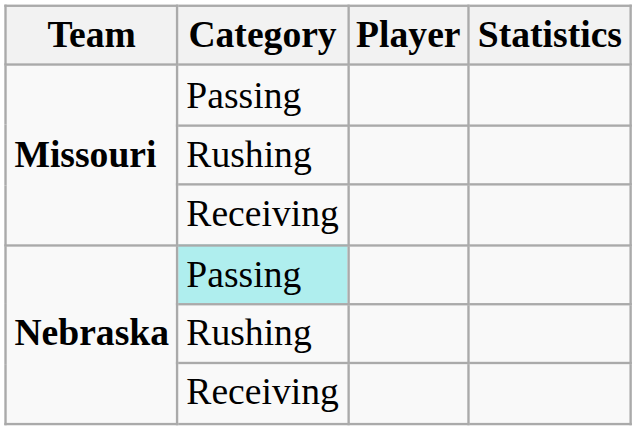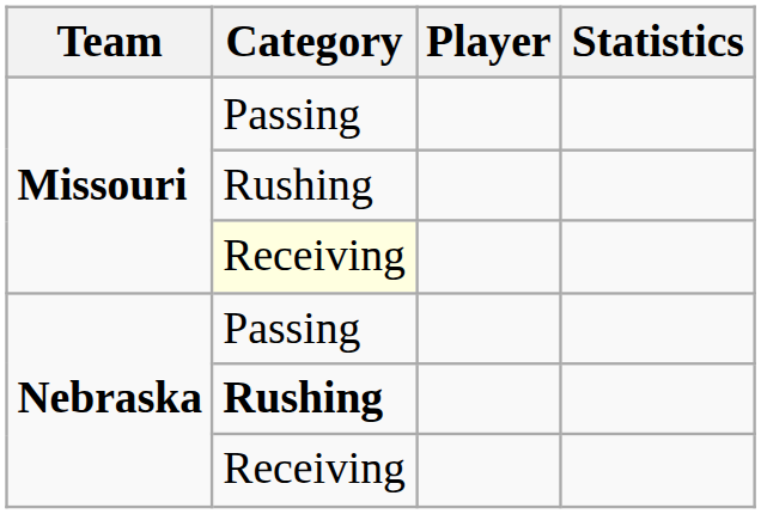 <table class="wikitable" style="float: right;">
 <tr>
 <th>Team</th>
 <th>Category</th>
 <th>Player</th>
 <th>Statistics</th>
 </tr>
 <tr>
 <td rowspan=3><strong>Missouri</strong></td>
 <td>Passing</td>
 <td></td>
 <td></td>
 </tr>
 <tr>
 <td>Rushing</td>
 <td></td>
 <td></td>
 </tr>
 <tr>
-<td>Receiving</td>
+<td style="background: lightyellow;">Receiving</td>
 <td></td>
 <td></td>
 </tr>
 <tr>
 <td rowspan=3><strong>Nebraska</strong></td>
-<td style="background: paleturquoise;">Passing</td>
+<td>Passing</td>
 <td></td>
 <td></td>
 </tr>
 <tr>
-<td>Rushing</td>
+<td><strong>Rushing</strong></td>
 <td></td>
 <td></td>
 </tr>
 <tr>
 <td>Receiving</td>
 <td></td>
 <td></td>
 </tr>
 </table>
